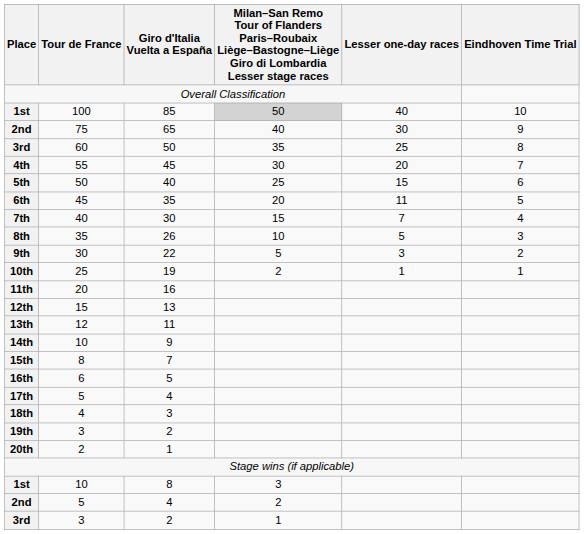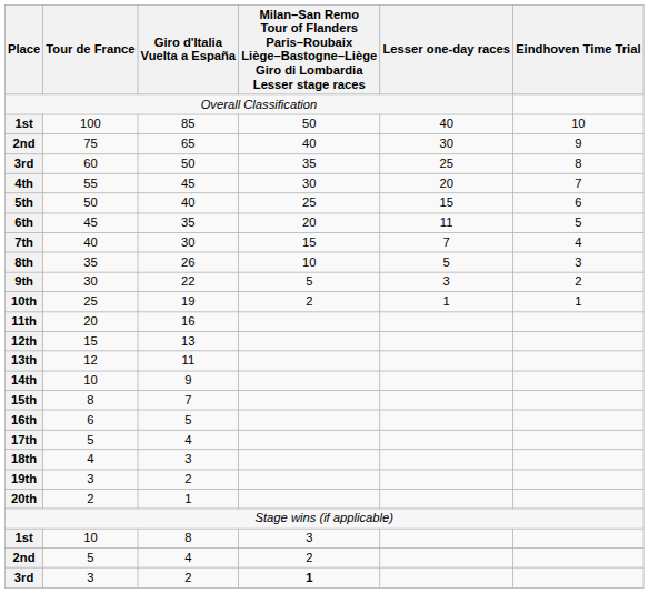 <table class="wikitable">
 <tr style="background:#ccccff;">
 <th>Place</th>
 <th>Tour de France</th>
 <th>Giro d'Italia<br>Vuelta a España</th>
 <th>Milan–San Remo<br>Tour of Flanders<br>Paris–Roubaix<br>Liège–Bastogne–Liège<br>Giro di Lombardia<br>Lesser stage races</th>
 <th>Lesser one-day races</th>
 <th>Eindhoven Time Trial</th>
 </tr>
 <tr>
 <td colspan=5 bgcolor=#f7f7f7 align=center><em>Overall Classification</em></td>
 </tr>
 <tr>
 <th>1st</th>
 <td align=center>100</td>
 <td align=center>85</td>
-<td align=center style="background: lightgrey;">50</td>
+<td align=center>50</td>
 <td align=center>40</td>
 <td align=center>10</td>
 </tr>
 <tr>
 <th>2nd</th>
 <td align=center>75</td>
 <td align=center>65</td>
 <td align=center>40</td>
 <td align=center>30</td>
 <td align=center>9</td>
 </tr>
 <tr>
 <th>3rd</th>
 <td align=center>60</td>
 <td align=center>50</td>
 <td align=center>35</td>
 <td align=center>25</td>
 <td align=center>8</td>
 </tr>
 <tr>
 <th>4th</th>
 <td align=center>55</td>
 <td align=center>45</td>
 <td align=center>30</td>
 <td align=center>20</td>
 <td align=center>7</td>
 </tr>
 <tr>
 <th>5th</th>
 <td align=center>50</td>
 <td align=center>40</td>
 <td align=center>25</td>
 <td align=center>15</td>
 <td align=center>6</td>
 </tr>
 <tr>
 <th>6th</th>
 <td align=center>45</td>
 <td align=center>35</td>
 <td align=center>20</td>
 <td align=center>11</td>
 <td align=center>5</td>
 </tr>
 <tr>
 <th>7th</th>
 <td align=center>40</td>
 <td align=center>30</td>
 <td align=center>15</td>
 <td align=center>7</td>
 <td align=center>4</td>
 </tr>
 <tr>
 <th>8th</th>
 <td align=center>35</td>
 <td align=center>26</td>
 <td align=center>10</td>
 <td align=center>5</td>
 <td align=center>3</td>
 </tr>
 <tr>
 <th>9th</th>
 <td align=center>30</td>
 <td align=center>22</td>
 <td align=center>5</td>
 <td align=center>3</td>
 <td align=center>2</td>
 </tr>
 <tr>
 <th>10th</th>
 <td align=center>25</td>
 <td align=center>19</td>
 <td align=center>2</td>
 <td align=center>1</td>
 <td align=center>1</td>
 </tr>
 <tr>
 <th>11th</th>
 <td align=center>20</td>
 <td align=center>16</td>
 <td></td>
 <td></td>
 <td></td>
 </tr>
 <tr>
 <th>12th</th>
 <td align=center>15</td>
 <td align=center>13</td>
 <td></td>
 <td></td>
 <td></td>
 </tr>
 <tr>
 <th>13th</th>
 <td align=center>12</td>
 <td align=center>11</td>
 <td></td>
 <td></td>
 <td></td>
 </tr>
 <tr>
 <th>14th</th>
 <td align=center>10</td>
 <td align=center>9</td>
 <td></td>
 <td></td>
 <td></td>
 </tr>
 <tr>
 <th>15th</th>
 <td align=center>8</td>
 <td align=center>7</td>
 <td></td>
 <td></td>
 <td></td>
 </tr>
 <tr>
 <th>16th</th>
 <td align=center>6</td>
 <td align=center>5</td>
 <td></td>
 <td></td>
 <td></td>
 </tr>
 <tr>
 <th>17th</th>
 <td align=center>5</td>
 <td align=center>4</td>
 <td></td>
 <td></td>
 <td></td>
 </tr>
 <tr>
 <th>18th</th>
 <td align=center>4</td>
 <td align=center>3</td>
 <td></td>
 <td></td>
 <td></td>
 </tr>
 <tr>
 <th>19th</th>
 <td align=center>3</td>
 <td align=center>2</td>
 <td></td>
 <td></td>
 <td></td>
 </tr>
 <tr>
 <th>20th</th>
 <td align=center>2</td>
 <td align=center>1</td>
 <td></td>
 <td></td>
 <td></td>
 </tr>
 <tr>
 <td colspan=6 bgcolor=#f7f7f7 align=center><em>Stage wins (if applicable)</em></td>
 </tr>
 <tr>
 <th>1st</th>
 <td align=center>10</td>
 <td align=center>8</td>
 <td align=center>3</td>
 <td></td>
 <td></td>
 </tr>
 <tr>
 <th>2nd</th>
 <td align=center>5</td>
 <td align=center>4</td>
 <td align=center>2</td>
 <td></td>
 <td></td>
 </tr>
 <tr>
 <th>3rd</th>
 <td align=center>3</td>
 <td align=center>2</td>
-<td align=center>1</td>
+<td align=center><strong>1</strong></td>
 <td></td>
 <td></td>
 </tr>
 </table>
